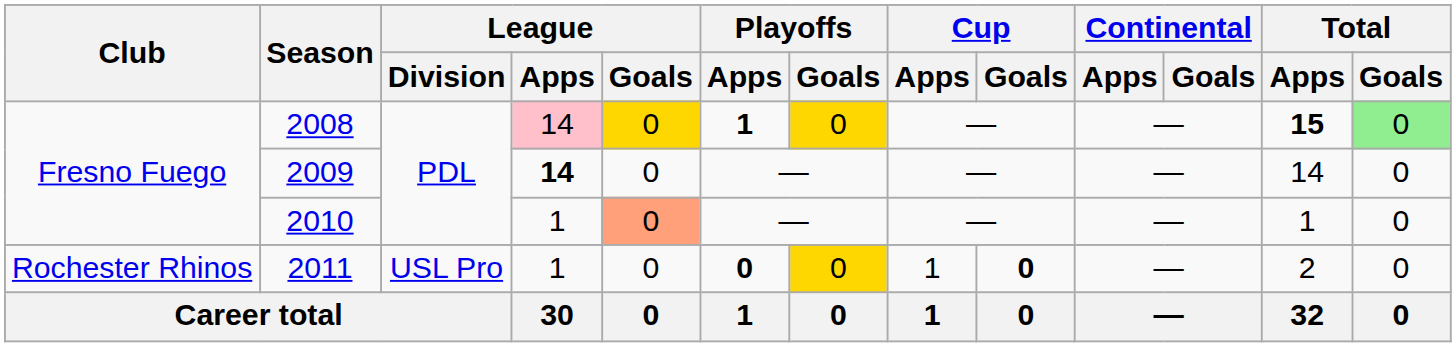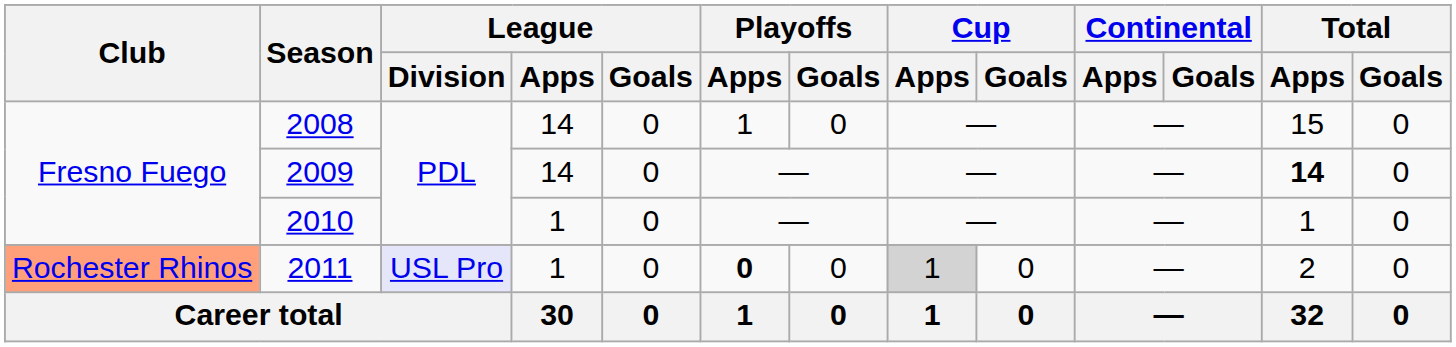 <table class="wikitable" style="text-align: center;">
 <tr>
 <th rowspan="2">Club</th>
 <th rowspan="2">Season</th>
 <th colspan="3">League</th>
 <th colspan="2">Playoffs</th>
 <th colspan="2"><a href='#'>Cup</a></th>
 <th colspan="2"><a href='#'>Continental</a></th>
 <th colspan="2">Total</th>
 </tr>
 <tr>
 <th>Division</th>
 <th>Apps</th>
 <th>Goals</th>
 <th>Apps</th>
 <th>Goals</th>
 <th>Apps</th>
 <th>Goals</th>
 <th>Apps</th>
 <th>Goals</th>
 <th>Apps</th>
 <th>Goals</th>
 </tr>
 <tr>
 <td rowspan="3"><a href='#'>Fresno Fuego</a></td>
 <td><a href='#'>2008</a></td>
 <td rowspan="3"><a href='#'>PDL</a></td>
-<td style="background: pink;">14</td>
-<td style="background: gold;">0</td>
-<td><strong>1</strong></td>
-<td style="background: gold;">0</td>
+<td>14</td>
+<td>0</td>
+<td>1</td>
+<td>0</td>
 <td colspan="2">—</td>
 <td colspan="2">—</td>
-<td><strong>15</strong></td>
-<td style="background: lightgreen;">0</td>
+<td>15</td>
+<td>0</td>
 </tr>
 <tr>
 <td><a href='#'>2009</a></td>
-<td><strong>14</strong></td>
+<td>14</td>
 <td>0</td>
 <td colspan="2">—</td>
 <td colspan="2">—</td>
 <td colspan="2">—</td>
-<td>14</td>
+<td><strong>14</strong></td>
 <td>0</td>
 </tr>
 <tr>
 <td><a href='#'>2010</a></td>
 <td>1</td>
-<td style="background: lightsalmon;">0</td>
+<td>0</td>
 <td colspan="2">—</td>
 <td colspan="2">—</td>
 <td colspan="2">—</td>
 <td>1</td>
 <td>0</td>
 </tr>
 <tr>
-<td><a href='#'>Rochester Rhinos</a></td>
+<td style="background: lightsalmon;"><a href='#'>Rochester Rhinos</a></td>
 <td><a href='#'>2011</a></td>
-<td><a href='#'>USL Pro</a></td>
+<td style="background: lavender;"><a href='#'>USL Pro</a></td>
 <td>1</td>
 <td>0</td>
 <td><strong>0</strong></td>
-<td style="background: gold;">0</td>
-<td>1</td>
-<td><strong>0</strong></td>
+<td>0</td>
+<td style="background: lightgrey;">1</td>
+<td>0</td>
 <td colspan="2">—</td>
 <td>2</td>
 <td>0</td>
 </tr>
 <tr>
 <th colspan="3">Career total</th>
 <th>30</th>
 <th>0</th>
 <th>1</th>
 <th>0</th>
 <th>1</th>
 <th>0</th>
 <th colspan="2">—</th>
 <th>32</th>
 <th>0</th>
 </tr>
 </table>
